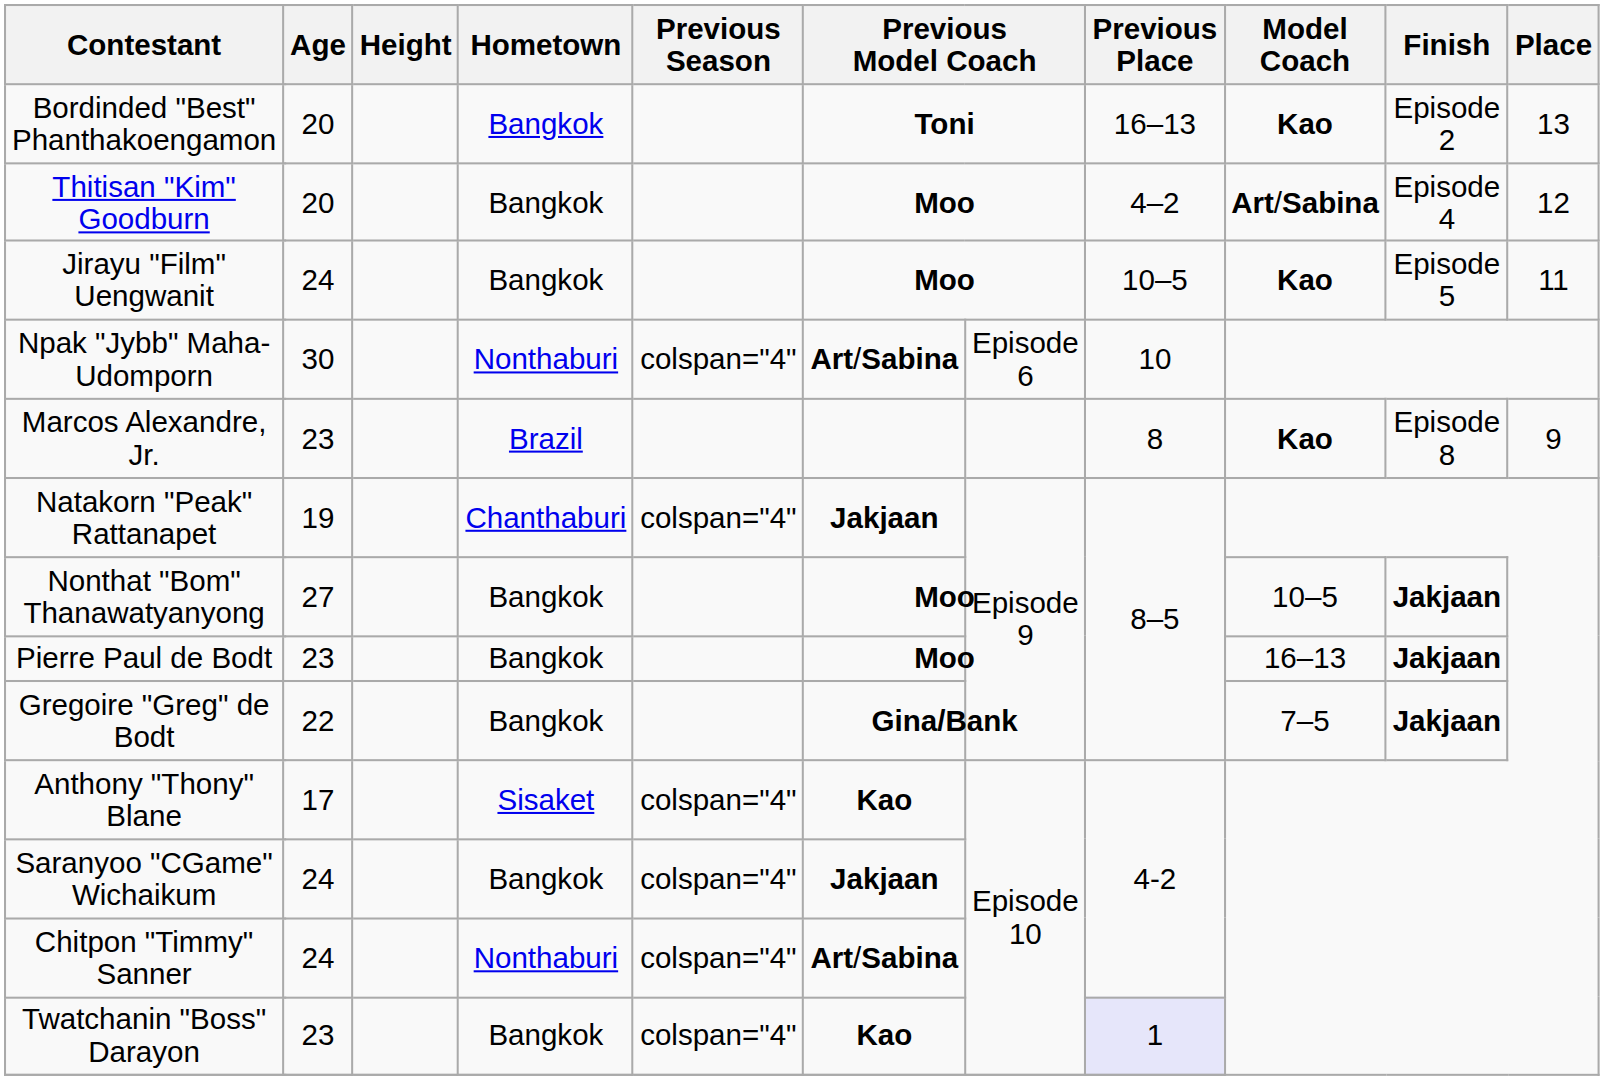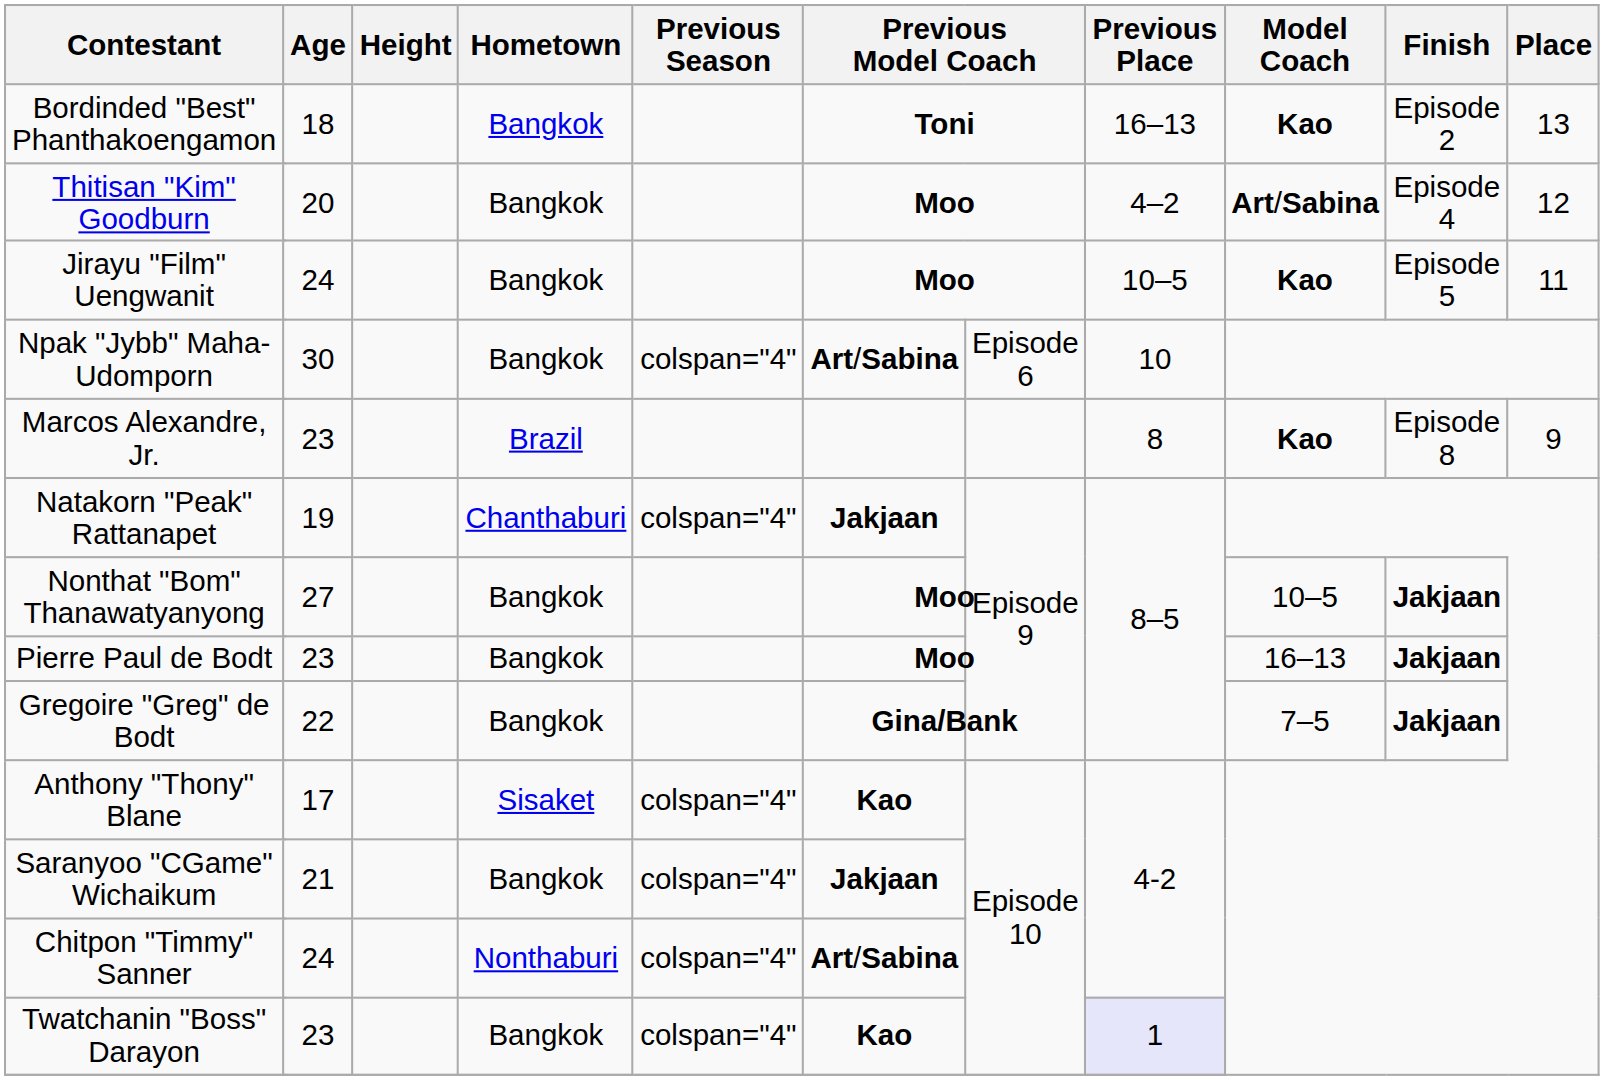 <table class="wikitable sortable" style="font-size:91%; text-align:center">
 <tr>
 <th colspan=2>Contestant</th>
 <th>Age</th>
 <th>Height</th>
 <th>Hometown</th>
 <th>Previous <br> Season</th>
 <th colspan="2">Previous <br> Model Coach</th>
 <th>Previous <br> Place</th>
 <th>Model Coach</th>
 <th>Finish</th>
 <th>Place</th>
 </tr>
 <tr>
 <td colspan=2>Bordinded "Best" Phanthakoengamon</td>
-<td>20</td>
+<td>18</td>
 <td></td>
 <td><a href='#'>Bangkok</a></td>
 <td></td>
 <td colspan="2"><span><strong>Toni</strong></span></td>
 <td>16–13</td>
 <td><span><strong>Kao</strong></span></td>
 <td>Episode 2</td>
 <td>13</td>
 </tr>
 <tr>
 <td colspan=2><a href='#'>Thitisan "Kim" Goodburn</a></td>
 <td>20</td>
 <td></td>
 <td>Bangkok</td>
 <td></td>
 <td colspan="2"><span><strong>Moo</strong></span></td>
 <td>4–2</td>
 <td><span><strong>Art</strong></span>/<span><strong>Sabina</strong></span></td>
 <td>Episode 4</td>
 <td>12</td>
 </tr>
 <tr>
 <td colspan=2>Jirayu "Film" Uengwanit</td>
 <td>24</td>
 <td></td>
 <td>Bangkok</td>
 <td></td>
 <td colspan="2"><span><strong>Moo</strong></span></td>
 <td>10–5</td>
 <td><span><strong>Kao</strong></span></td>
 <td>Episode 5</td>
 <td>11</td>
 </tr>
 <tr>
 <td colspan=2>Npak "Jybb" Maha-Udomporn</td>
 <td>30</td>
 <td></td>
-<td><a href='#'>Nonthaburi</a></td>
+<td>Bangkok</td>
 <td>colspan="4" </td>
 <td><span><strong>Art</strong></span>/<span><strong>Sabina</strong></span></td>
 <td>Episode 6</td>
 <td>10</td>
 </tr>
 <tr>
 <td colspan=2>Marcos Alexandre, Jr.</td>
 <td>23</td>
 <td></td>
 <td><a href='#'>Brazil</a></td>
 <td></td>
 <td><span><strong></strong></span></td>
 <td><span><strong></strong></span></td>
 <td>8</td>
 <td><span><strong>Kao</strong></span></td>
 <td>Episode 8</td>
 <td>9</td>
 </tr>
 <tr>
 <td colspan=2>Natakorn "Peak" Rattanapet</td>
 <td>19</td>
 <td></td>
 <td><a href='#'>Chanthaburi</a></td>
 <td>colspan="4" </td>
 <td><span><strong>Jakjaan</strong></span></td>
 <td rowspan="4">Episode 9</td>
 <td rowspan="4">8–5</td>
 </tr>
 <tr>
 <td colspan=2>Nonthat "Bom" Thanawatyanyong</td>
 <td>27</td>
 <td></td>
 <td>Bangkok</td>
 <td></td>
 <td colspan="2"><span><strong>Moo</strong></span></td>
 <td>10–5</td>
 <td><span><strong>Jakjaan</strong></span></td>
 </tr>
 <tr>
 <td colspan=2>Pierre Paul de Bodt</td>
 <td>23</td>
 <td></td>
 <td>Bangkok</td>
 <td></td>
 <td colspan="2"><span><strong>Moo</strong></span></td>
 <td>16–13</td>
 <td><span><strong>Jakjaan</strong></span></td>
 </tr>
 <tr>
 <td colspan=2>Gregoire "Greg" de Bodt</td>
 <td>22</td>
 <td></td>
 <td>Bangkok</td>
 <td></td>
 <td colspan="2"><strong><span>Gina</span>/<span>Bank</span></strong></td>
 <td>7–5</td>
 <td><span><strong>Jakjaan</strong></span></td>
 </tr>
 <tr>
 <td colspan=2>Anthony "Thony" Blane</td>
 <td>17</td>
 <td></td>
 <td><a href='#'>Sisaket</a></td>
 <td>colspan="4" </td>
 <td><span><strong>Kao</strong></span></td>
 <td rowspan=4>Episode 10</td>
 <td rowspan=3>4-2</td>
 </tr>
 <tr>
 <td colspan=2>Saranyoo "CGame" Wichaikum</td>
-<td>24</td>
+<td>21</td>
 <td></td>
 <td>Bangkok</td>
 <td>colspan="4" </td>
 <td><span><strong>Jakjaan</strong></span></td>
 </tr>
 <tr>
 <td colspan=2>Chitpon "Timmy" Sanner</td>
 <td>24</td>
 <td></td>
 <td><a href='#'>Nonthaburi</a></td>
 <td>colspan="4" </td>
 <td><span><strong>Art</strong></span>/<span><strong>Sabina</strong></span></td>
 </tr>
 <tr>
 <td colspan=2>Twatchanin "Boss" Darayon</td>
 <td>23</td>
 <td></td>
 <td>Bangkok</td>
 <td>colspan="4" </td>
 <td><span><strong>Kao</strong></span></td>
 <td style="background: lavender;">1</td>
 </tr>
 <tr>
 </tr>
 </table>
